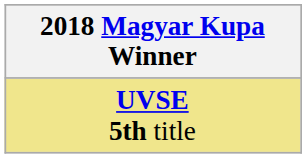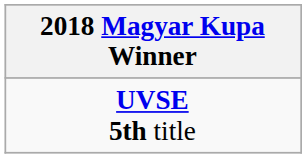 <table class=wikitable style="text-align:center; width:175px; margin:auto">
 <tr>
 <th>2018 <a href='#'>Magyar Kupa</a><br>Winner</th>
 </tr>
 <tr>
-<td style="background: khaki;"><strong><a href='#'>UVSE</a></strong><br><strong>5th</strong> title</td>
+<td><strong><a href='#'>UVSE</a></strong><br><strong>5th</strong> title</td>
 </tr>
 </table>
